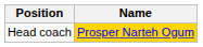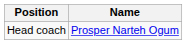 <table class="wikitable">
 <tr>
 <th>Position</th>
 <th>Name</th>
 </tr>
 <tr>
 <td>Head coach</td>
-<td align="left" style="background: gold;"> <a href='#'>Prosper Narteh Ogum</a></td>
+<td align="left"> <a href='#'>Prosper Narteh Ogum</a></td>
 </tr>
 </table>
